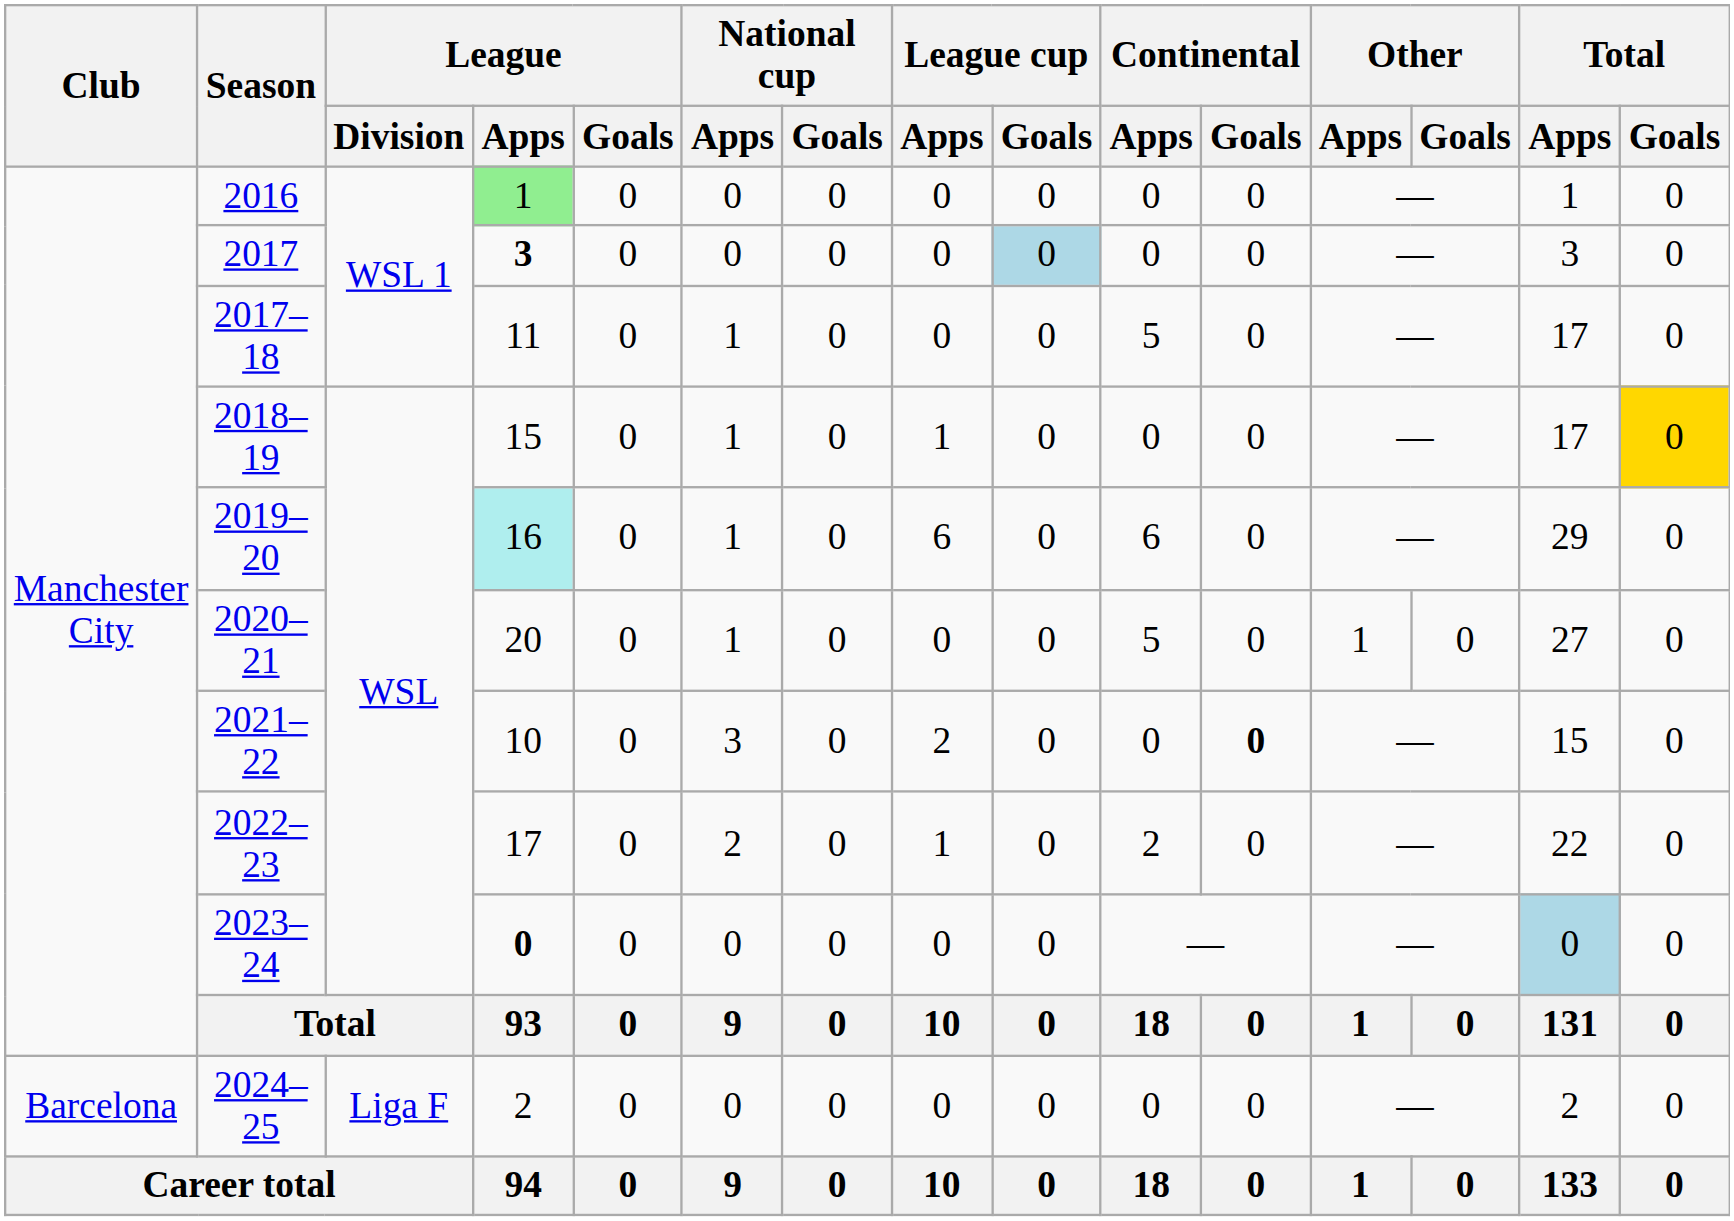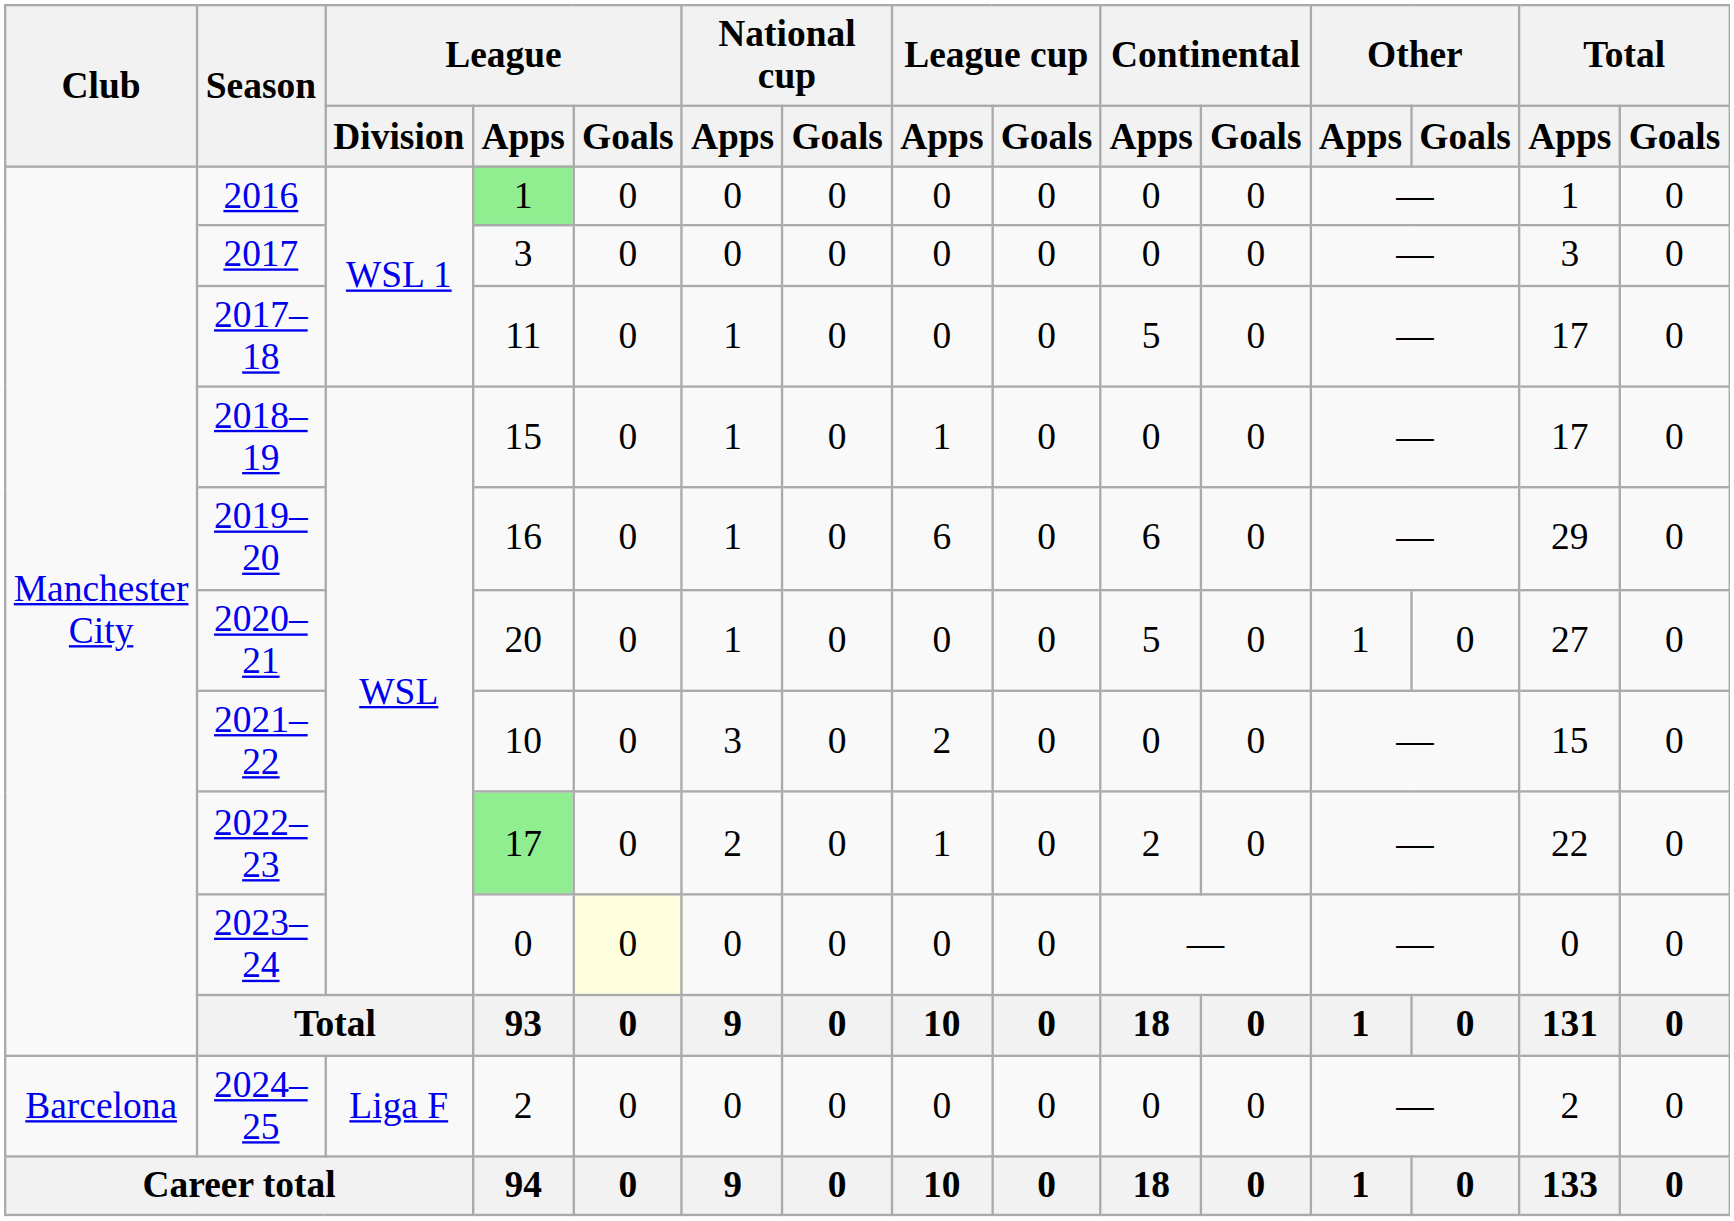 <table class="wikitable" style="text-align:center">
 <tr>
 <th rowspan="2">Club</th>
 <th rowspan="2">Season</th>
 <th colspan="3">League</th>
 <th colspan="2">National cup</th>
 <th colspan="2">League cup</th>
 <th colspan="2">Continental</th>
 <th colspan="2">Other</th>
 <th colspan="2">Total</th>
 </tr>
 <tr>
 <th>Division</th>
 <th>Apps</th>
 <th>Goals</th>
 <th>Apps</th>
 <th>Goals</th>
 <th>Apps</th>
 <th>Goals</th>
 <th>Apps</th>
 <th>Goals</th>
 <th>Apps</th>
 <th>Goals</th>
 <th>Apps</th>
 <th>Goals</th>
 </tr>
 <tr>
 <td rowspan="10"><a href='#'>Manchester City</a></td>
 <td><a href='#'>2016</a></td>
 <td rowspan="3"><a href='#'>WSL 1</a></td>
 <td style="background: lightgreen;">1</td>
 <td>0</td>
 <td>0</td>
 <td>0</td>
 <td>0</td>
 <td>0</td>
 <td>0</td>
 <td>0</td>
 <td colspan=2>—</td>
 <td>1</td>
 <td>0</td>
 </tr>
 <tr>
 <td><a href='#'>2017</a></td>
-<td><strong>3</strong></td>
+<td>3</td>
 <td>0</td>
 <td>0</td>
 <td>0</td>
 <td>0</td>
-<td style="background: lightblue;">0</td>
+<td>0</td>
 <td>0</td>
 <td>0</td>
 <td colspan=2>—</td>
 <td>3</td>
 <td>0</td>
 </tr>
 <tr>
 <td><a href='#'>2017–18</a></td>
 <td>11</td>
 <td>0</td>
 <td>1</td>
 <td>0</td>
 <td>0</td>
 <td>0</td>
 <td>5</td>
 <td>0</td>
 <td colspan=2>—</td>
 <td>17</td>
 <td>0</td>
 </tr>
 <tr>
 <td><a href='#'>2018–19</a></td>
 <td rowspan="6"><a href='#'>WSL</a></td>
 <td>15</td>
 <td>0</td>
 <td>1</td>
 <td>0</td>
 <td>1</td>
 <td>0</td>
 <td>0</td>
 <td>0</td>
 <td colspan=2>—</td>
 <td>17</td>
-<td style="background: gold;">0</td>
+<td>0</td>
 </tr>
 <tr>
 <td><a href='#'>2019–20</a></td>
-<td style="background: paleturquoise;">16</td>
+<td>16</td>
 <td>0</td>
 <td>1</td>
 <td>0</td>
 <td>6</td>
 <td>0</td>
 <td>6</td>
 <td>0</td>
 <td colspan=2>—</td>
 <td>29</td>
 <td>0</td>
 </tr>
 <tr>
 <td><a href='#'>2020–21</a></td>
 <td>20</td>
 <td>0</td>
 <td>1</td>
 <td>0</td>
 <td>0</td>
 <td>0</td>
 <td>5</td>
 <td>0</td>
 <td>1</td>
 <td>0</td>
 <td>27</td>
 <td>0</td>
 </tr>
 <tr>
 <td><a href='#'>2021–22</a></td>
 <td>10</td>
 <td>0</td>
 <td>3</td>
 <td>0</td>
 <td>2</td>
 <td>0</td>
 <td>0</td>
-<td><strong>0</strong></td>
+<td>0</td>
 <td colspan="2">—</td>
 <td>15</td>
 <td>0</td>
 </tr>
 <tr>
 <td><a href='#'>2022–23</a></td>
-<td>17</td>
+<td style="background: lightgreen;">17</td>
 <td>0</td>
 <td>2</td>
 <td>0</td>
 <td>1</td>
 <td>0</td>
 <td>2</td>
 <td>0</td>
 <td colspan="2">—</td>
 <td>22</td>
 <td>0</td>
 </tr>
 <tr>
 <td><a href='#'>2023–24</a></td>
-<td><strong>0</strong></td>
 <td>0</td>
+<td style="background: lightyellow;">0</td>
 <td>0</td>
 <td>0</td>
 <td>0</td>
 <td>0</td>
 <td colspan="2">—</td>
 <td colspan="2">—</td>
-<td style="background: lightblue;">0</td>
+<td>0</td>
 <td>0</td>
 </tr>
 <tr>
 <th colspan="2">Total</th>
 <th>93</th>
 <th>0</th>
 <th>9</th>
 <th>0</th>
 <th>10</th>
 <th>0</th>
 <th>18</th>
 <th>0</th>
 <th>1</th>
 <th>0</th>
 <th>131</th>
 <th>0</th>
 </tr>
 <tr>
 <td><a href='#'>Barcelona</a></td>
 <td><a href='#'>2024–25</a></td>
 <td><a href='#'>Liga F</a></td>
 <td>2</td>
 <td>0</td>
 <td>0</td>
 <td>0</td>
 <td>0</td>
 <td>0</td>
 <td>0</td>
 <td>0</td>
 <td colspan="2">—</td>
 <td>2</td>
 <td>0</td>
 </tr>
 <tr>
 <th colspan="3">Career total</th>
 <th>94</th>
 <th>0</th>
 <th>9</th>
 <th>0</th>
 <th>10</th>
 <th>0</th>
 <th>18</th>
 <th>0</th>
 <th>1</th>
 <th>0</th>
 <th>133</th>
 <th>0</th>
 </tr>
 </table>
